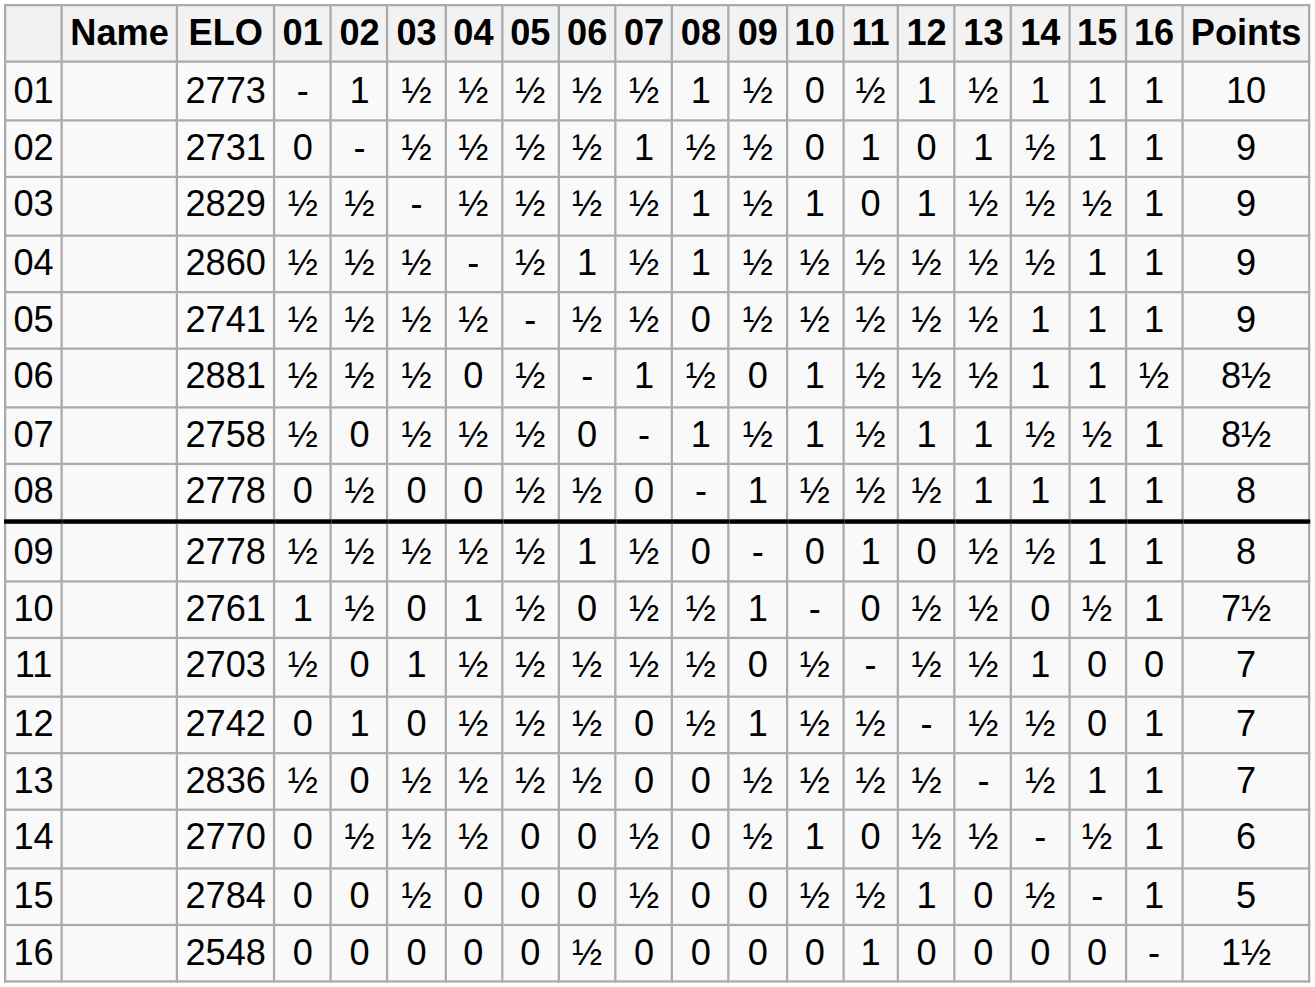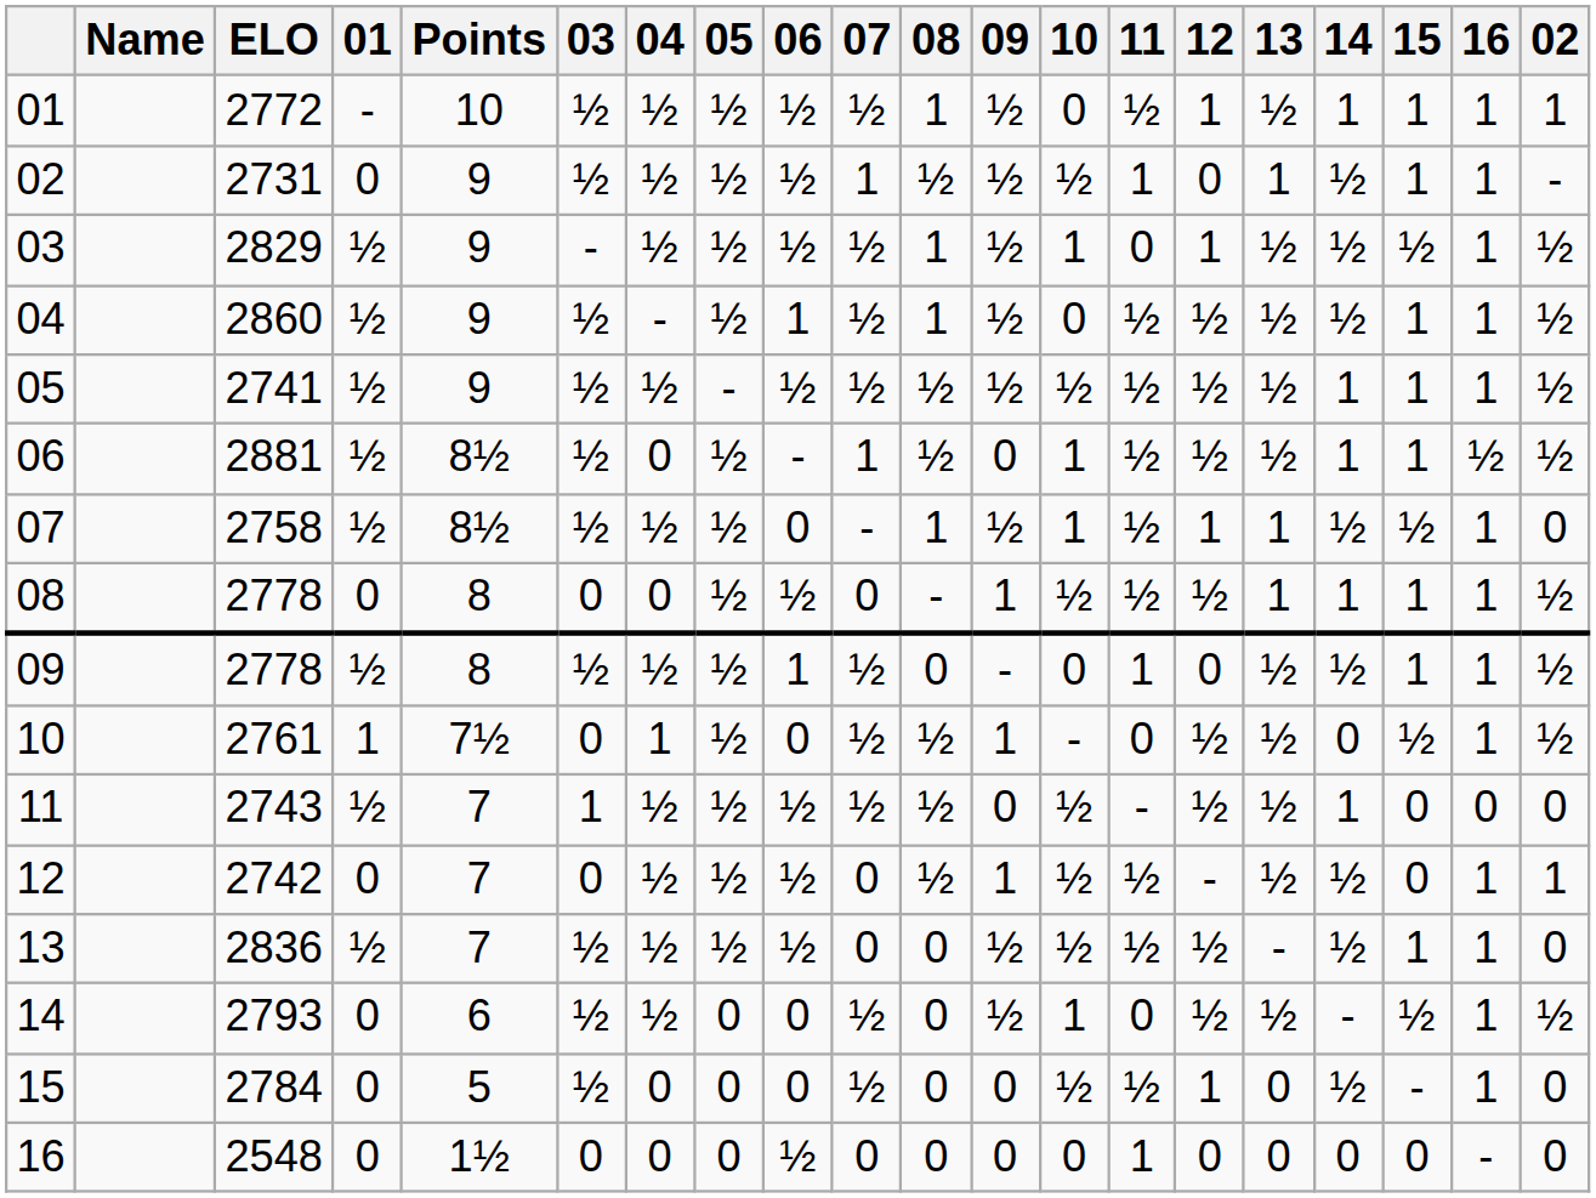 <table class="wikitable" style="text-align:center;">
 <tr>
 <th></th>
 <th>Name</th>
 <th>ELO</th>
 <th>01</th>
-<th>02</th>
+<th>Points</th>
 <th>03</th>
 <th>04</th>
 <th>05</th>
 <th>06</th>
 <th>07</th>
 <th>08</th>
 <th>09</th>
 <th>10</th>
 <th>11</th>
 <th>12</th>
 <th>13</th>
 <th>14</th>
 <th>15</th>
 <th>16</th>
-<th>Points</th>
+<th>02</th>
 </tr>
 <tr>
 <td>01</td>
 <td style="text-align:left;" data-sort-value="Caruana"></td>
-<td>2773</td>
+<td>2772</td>
 <td>-</td>
-<td>1</td>
+<td>10</td>
 <td>½</td>
 <td>½</td>
 <td>½</td>
 <td>½</td>
 <td>½</td>
 <td>1</td>
 <td>½</td>
 <td>0</td>
 <td>½</td>
 <td>1</td>
 <td>½</td>
 <td>1</td>
 <td>1</td>
 <td>1</td>
-<td>10</td>
+<td>1</td>
 </tr>
 <tr>
 <td>02</td>
 <td style="text-align:left;" data-sort-value="Giri"></td>
 <td>2731</td>
 <td>0</td>
-<td>-</td>
+<td>9</td>
 <td>½</td>
 <td>½</td>
 <td>½</td>
 <td>½</td>
 <td>1</td>
 <td>½</td>
 <td>½</td>
-<td>0</td>
+<td>½</td>
 <td>1</td>
 <td>0</td>
 <td>1</td>
 <td>½</td>
 <td>1</td>
 <td>1</td>
-<td>9</td>
+<td>-</td>
 </tr>
 <tr>
 <td>03</td>
 <td style="text-align:left;" data-sort-value="Nakamura"></td>
 <td>2829</td>
 <td>½</td>
-<td>½</td>
+<td>9</td>
 <td>-</td>
 <td>½</td>
 <td>½</td>
 <td>½</td>
 <td>½</td>
 <td>1</td>
 <td>½</td>
 <td>1</td>
 <td>0</td>
 <td>1</td>
 <td>½</td>
 <td>½</td>
 <td>½</td>
 <td>1</td>
-<td>9</td>
+<td>½</td>
 </tr>
 <tr>
 <td>04</td>
 <td style="text-align:left;" data-sort-value="Vachier"></td>
 <td>2860</td>
 <td>½</td>
-<td>½</td>
+<td>9</td>
 <td>½</td>
 <td>-</td>
 <td>½</td>
 <td>1</td>
 <td>½</td>
 <td>1</td>
+<td>½</td>
+<td>0</td>
+<td>½</td>
+<td>½</td>
+<td>½</td>
+<td>½</td>
+<td>1</td>
+<td>1</td>
+<td>½</td>
+</tr>
+<tr>
+<td>05</td>
+<td style="text-align:left;" data-sort-value="So"></td>
+<td>2741</td>
+<td>½</td>
+<td>9</td>
+<td>½</td>
+<td>½</td>
+<td>-</td>
+<td>½</td>
+<td>½</td>
 <td>½</td>
 <td>½</td>
 <td>½</td>
 <td>½</td>
 <td>½</td>
 <td>½</td>
 <td>1</td>
 <td>1</td>
-<td>9</td>
-</tr>
-<tr>
-<td>05</td>
-<td style="text-align:left;" data-sort-value="So"></td>
-<td>2741</td>
+<td>1</td>
 <td>½</td>
-<td>½</td>
-<td>½</td>
-<td>½</td>
-<td>-</td>
-<td>½</td>
-<td>½</td>
-<td>0</td>
-<td>½</td>
-<td>½</td>
-<td>½</td>
-<td>½</td>
-<td>½</td>
-<td>1</td>
-<td>1</td>
-<td>1</td>
-<td>9</td>
 </tr>
 <tr>
 <td>06</td>
 <td style="text-align:left;" data-sort-value="Carlsen"></td>
 <td>2881</td>
 <td>½</td>
-<td>½</td>
+<td>8½</td>
 <td>½</td>
 <td>0</td>
 <td>½</td>
 <td>-</td>
 <td>1</td>
 <td>½</td>
 <td>0</td>
 <td>1</td>
 <td>½</td>
 <td>½</td>
 <td>½</td>
 <td>1</td>
 <td>1</td>
 <td>½</td>
-<td>8½</td>
+<td>½</td>
 </tr>
 <tr>
 <td>07</td>
 <td style="text-align:left;" data-sort-value="Radjabov"></td>
 <td>2758</td>
 <td>½</td>
-<td>0</td>
+<td>8½</td>
 <td>½</td>
 <td>½</td>
 <td>½</td>
 <td>0</td>
 <td>-</td>
 <td>1</td>
 <td>½</td>
 <td>1</td>
 <td>½</td>
 <td>1</td>
 <td>1</td>
 <td>½</td>
 <td>½</td>
 <td>1</td>
-<td>8½</td>
+<td>0</td>
 </tr>
 <tr>
 <td>08</td>
 <td style="text-align:left;" data-sort-value="Nepo"></td>
 <td>2778</td>
 <td>0</td>
-<td>½</td>
+<td>8</td>
 <td>0</td>
 <td>0</td>
 <td>½</td>
 <td>½</td>
 <td>0</td>
 <td>-</td>
 <td>1</td>
 <td>½</td>
 <td>½</td>
 <td>½</td>
 <td>1</td>
 <td>1</td>
 <td>1</td>
 <td>1</td>
-<td>8</td>
+<td>½</td>
 </tr>
 <tr>
 <td style="border-top: 2px solid #000000;">09</td>
 <td style="text-align:left; border-top: 2px solid #000000;" data-sort-value="Aronian"></td>
 <td style="border-top: 2px solid #000000;">2778</td>
 <td style="border-top: 2px solid #000000;">½</td>
-<td style="border-top: 2px solid #000000;">½</td>
+<td style="border-top: 2px solid #000000;">8</td>
 <td style="border-top: 2px solid #000000;">½</td>
 <td style="border-top: 2px solid #000000;">½</td>
 <td style="border-top: 2px solid #000000;">½</td>
 <td style="border-top: 2px solid #000000;">1</td>
 <td style="border-top: 2px solid #000000;">½</td>
 <td style="border-top: 2px solid #000000;">0</td>
 <td style="border-top: 2px solid #000000;">-</td>
 <td style="border-top: 2px solid #000000;">0</td>
 <td style="border-top: 2px solid #000000;">1</td>
 <td style="border-top: 2px solid #000000;">0</td>
 <td style="border-top: 2px solid #000000;">½</td>
 <td style="border-top: 2px solid #000000;">½</td>
 <td style="border-top: 2px solid #000000;">1</td>
 <td style="border-top: 2px solid #000000;">1</td>
-<td style="border-top: 2px solid #000000;">8</td>
+<td style="border-top: 2px solid #000000;">½</td>
 </tr>
 <tr>
 <td>10</td>
 <td style="text-align:left;" data-sort-value="Mamedyarov"></td>
 <td>2761</td>
 <td>1</td>
-<td>½</td>
+<td>7½</td>
 <td>0</td>
 <td>1</td>
 <td>½</td>
 <td>0</td>
 <td>½</td>
 <td>½</td>
 <td>1</td>
 <td>-</td>
 <td>0</td>
 <td>½</td>
 <td>½</td>
 <td>0</td>
 <td>½</td>
 <td>1</td>
-<td>7½</td>
+<td>½</td>
 </tr>
 <tr>
 <td>11</td>
 <td style="text-align:left;" data-sort-value="Firouzja"></td>
-<td>2703</td>
+<td>2743</td>
 <td>½</td>
-<td>0</td>
+<td>7</td>
 <td>1</td>
 <td>½</td>
 <td>½</td>
 <td>½</td>
 <td>½</td>
 <td>½</td>
 <td>0</td>
 <td>½</td>
 <td>-</td>
 <td>½</td>
 <td>½</td>
 <td>1</td>
 <td>0</td>
 <td>0</td>
-<td>7</td>
+<td>0</td>
 </tr>
 <tr>
 <td>12</td>
 <td style="text-align:left;" data-sort-value="Svidler"></td>
 <td>2742</td>
 <td>0</td>
-<td>1</td>
+<td>7</td>
 <td>0</td>
 <td>½</td>
 <td>½</td>
 <td>½</td>
 <td>0</td>
 <td>½</td>
 <td>1</td>
 <td>½</td>
 <td>½</td>
 <td>-</td>
 <td>½</td>
 <td>½</td>
 <td>0</td>
 <td>1</td>
-<td>7</td>
+<td>1</td>
 </tr>
 <tr>
 <td>13</td>
 <td style="text-align:left;" data-sort-value="Ding"></td>
 <td>2836</td>
 <td>½</td>
-<td>0</td>
+<td>7</td>
 <td>½</td>
 <td>½</td>
 <td>½</td>
 <td>½</td>
 <td>0</td>
 <td>0</td>
 <td>½</td>
 <td>½</td>
 <td>½</td>
 <td>½</td>
 <td>-</td>
 <td>½</td>
 <td>1</td>
 <td>1</td>
-<td>7</td>
+<td>0</td>
 </tr>
 <tr>
 <td>14</td>
 <td style="text-align:left;" data-sort-value="Dubov"></td>
-<td>2770</td>
+<td>2793</td>
 <td>0</td>
-<td>½</td>
+<td>6</td>
 <td>½</td>
 <td>½</td>
 <td>0</td>
 <td>0</td>
 <td>½</td>
 <td>0</td>
 <td>½</td>
 <td>1</td>
 <td>0</td>
 <td>½</td>
 <td>½</td>
 <td>-</td>
 <td>½</td>
 <td>1</td>
-<td>6</td>
+<td>½</td>
 </tr>
 <tr>
 <td>15</td>
 <td style="text-align:left;" data-sort-value="Grischuk"></td>
 <td>2784</td>
 <td>0</td>
-<td>0</td>
+<td>5</td>
 <td>½</td>
 <td>0</td>
 <td>0</td>
 <td>0</td>
 <td>½</td>
 <td>0</td>
 <td>0</td>
 <td>½</td>
 <td>½</td>
 <td>1</td>
 <td>0</td>
 <td>½</td>
 <td>-</td>
 <td>1</td>
-<td>5</td>
+<td>0</td>
 </tr>
 <tr>
 <td>16</td>
 <td style="text-align:left;" data-sort-value="Pichot"></td>
 <td>2548</td>
 <td>0</td>
-<td>0</td>
+<td>1½</td>
 <td>0</td>
 <td>0</td>
 <td>0</td>
 <td>½</td>
 <td>0</td>
 <td>0</td>
 <td>0</td>
 <td>0</td>
 <td>1</td>
 <td>0</td>
 <td>0</td>
 <td>0</td>
 <td>0</td>
 <td>-</td>
-<td>1½</td>
+<td>0</td>
 </tr>
 </table>
